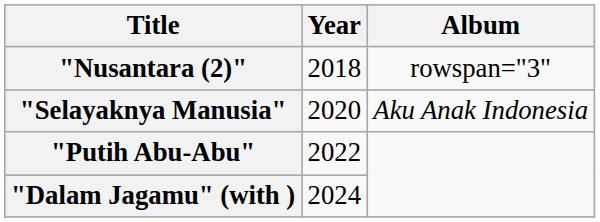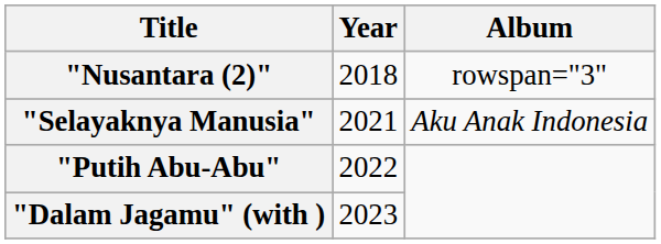 <table class="wikitable plainrowheaders" style="text-align:center">
 <tr>
 <th>Title</th>
 <th>Year</th>
 <th>Album</th>
 </tr>
 <tr>
 <th scope="row">"Nusantara (2)"</th>
 <td>2018</td>
 <td>rowspan="3" </td>
 </tr>
 <tr>
 <th scope="row">"Selayaknya Manusia"</th>
-<td>2020</td>
+<td>2021</td>
 <td><em>Aku Anak Indonesia</em></td>
 </tr>
 <tr>
 <th scope="row">"Putih Abu-Abu"</th>
 <td>2022</td>
 </tr>
 <tr>
 <th scope="row">"Dalam Jagamu" (with )</th>
-<td>2024</td>
+<td>2023</td>
 </tr>
 </table>
